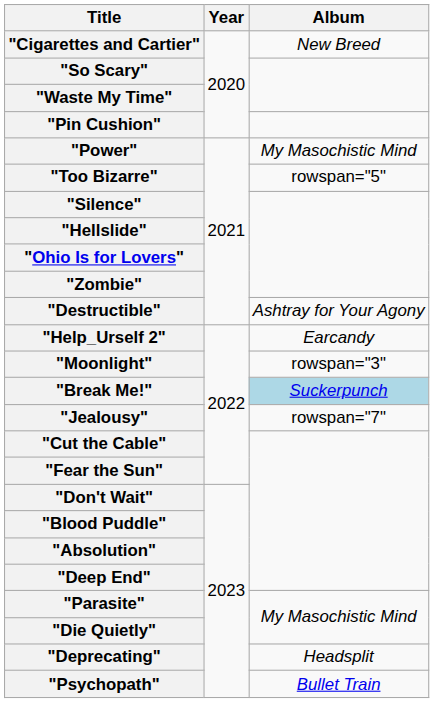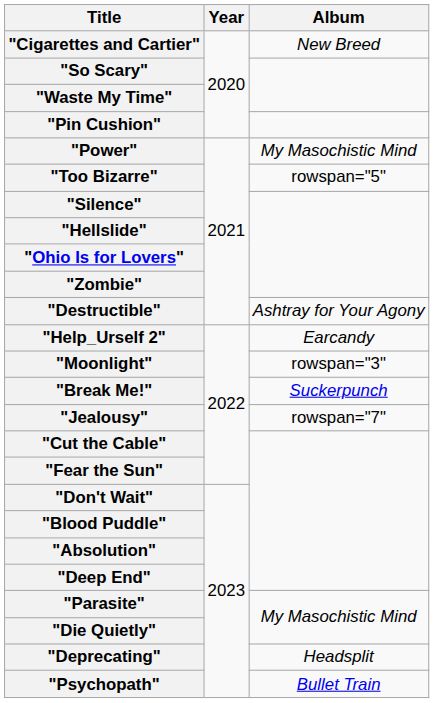 <table class="wikitable plainrowheaders" style="text-align:center;">
 <tr>
 <th scope="col">Title</th>
 <th scope="col">Year</th>
 <th scope="col">Album</th>
 </tr>
 <tr>
 <th scope="row">"Cigarettes and Cartier"</th>
 <td rowspan="4">2020</td>
 <td><em>New Breed</em></td>
 </tr>
 <tr>
 <th scope="row">"So Scary"</th>
 </tr>
 <tr>
 <th scope="row">"Waste My Time"</th>
 </tr>
 <tr>
 <th scope="row">"Pin Cushion"</th>
 <td></td>
 </tr>
 <tr>
 <th scope="row">"Power"<br></th>
 <td rowspan="7">2021</td>
 <td><em>My Masochistic Mind</em></td>
 </tr>
 <tr>
 <th scope="row">"Too Bizarre"<br></th>
 <td>rowspan="5" </td>
 </tr>
 <tr>
 <th scope="row">"Silence"</th>
 </tr>
 <tr>
 <th scope="row">"Hellslide"</th>
 </tr>
 <tr>
 <th scope="row">"<a href='#'>Ohio Is for Lovers</a>"<br></th>
 </tr>
 <tr>
 <th scope="row">"Zombie"</th>
 </tr>
 <tr>
 <th scope="row">"Destructible"</th>
 <td><em>Ashtray for Your Agony</em></td>
 </tr>
 <tr>
 <th scope="row">"Help_Urself 2"<br></th>
 <td rowspan="6">2022</td>
 <td><em>Earcandy</em></td>
 </tr>
 <tr>
 <th scope="row">"Moonlight"<br></th>
 <td>rowspan="3" </td>
 </tr>
 <tr>
 <th scope="row">"Break Me!"<br></th>
-<td style="background: lightblue;"><em><a href='#'>Suckerpunch</a></em></td>
+<td><em><a href='#'>Suckerpunch</a></em></td>
 </tr>
 <tr>
 <th scope="row">"Jealousy"</th>
 <td>rowspan="7" </td>
 </tr>
 <tr>
 <th scope="row">"Cut the Cable"<br></th>
 </tr>
 <tr>
 <th scope="row">"Fear the Sun"</th>
 </tr>
 <tr>
 <th scope="row">"Don't Wait"</th>
 <td rowspan="8">2023</td>
 </tr>
 <tr>
 <th scope="row">"Blood Puddle"</th>
 </tr>
 <tr>
 <th scope="row">"Absolution"</th>
 </tr>
 <tr>
 <th scope="row">"Deep End"</th>
 </tr>
 <tr>
 <th scope="row">"Parasite"</th>
 <td rowspan="2"><em>My Masochistic Mind</em></td>
 </tr>
 <tr>
 <th scope="row">"Die Quietly"</th>
 </tr>
 <tr>
 <th scope="row">"Deprecating"<br></th>
 <td><em>Headsplit</em></td>
 </tr>
 <tr>
 <th scope="row">"Psychopath"</th>
 <td><em><a href='#'>Bullet Train</a></em></td>
 </tr>
 </table>
